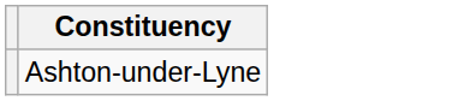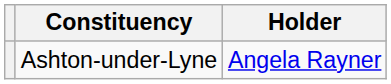 <table class="wikitable">
 <tr>
 <th></th>
 <th>Constituency</th>
+<th>Holder</th>
 </tr>
 <tr>
 <th style="background-color: "></th>
 <td>Ashton-under-Lyne</td>
+<td><a href='#'>Angela Rayner</a></td>
 </tr>
 </table>
